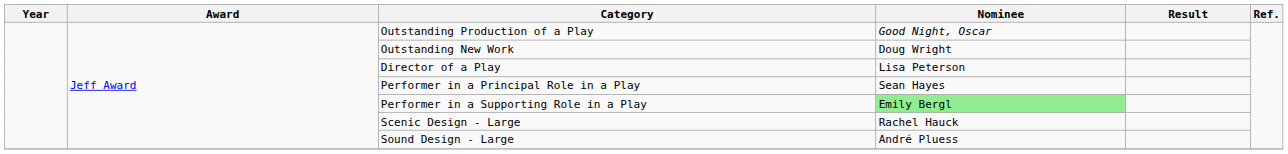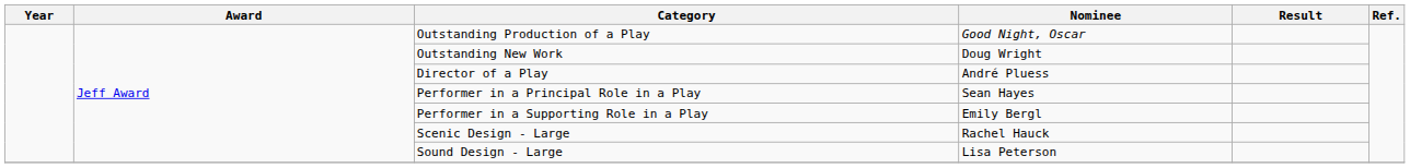 <table class="wikitable" width="95%">
 <tr>
 <th width="5%">Year</th>
 <th width="25%">Award</th>
 <th width="40%">Category</th>
 <th width="20%">Nominee</th>
 <th width="10%">Result</th>
 <th>Ref.</th>
 </tr>
 <tr>
 <td rowspan=7></td>
 <td rowspan=7><a href='#'>Jeff Award</a></td>
 <td>Outstanding Production of a Play</td>
 <td><em>Good Night, Oscar</em></td>
 <td></td>
 <td rowspan=7></td>
 </tr>
 <tr>
 <td>Outstanding New Work</td>
 <td>Doug Wright</td>
 <td></td>
 </tr>
 <tr>
 <td>Director of a Play</td>
-<td>Lisa Peterson</td>
+<td>André Pluess</td>
 <td></td>
 </tr>
 <tr>
 <td>Performer in a Principal Role in a Play</td>
 <td>Sean Hayes</td>
 <td></td>
 </tr>
 <tr>
 <td>Performer in a Supporting Role in a Play</td>
-<td style="background: lightgreen;">Emily Bergl</td>
+<td>Emily Bergl</td>
 <td></td>
 </tr>
 <tr>
 <td>Scenic Design - Large</td>
 <td>Rachel Hauck</td>
 <td></td>
 </tr>
 <tr>
 <td>Sound Design - Large</td>
-<td>André Pluess</td>
+<td>Lisa Peterson</td>
 <td></td>
 </tr>
 <tr>
 </tr>
 </table>
